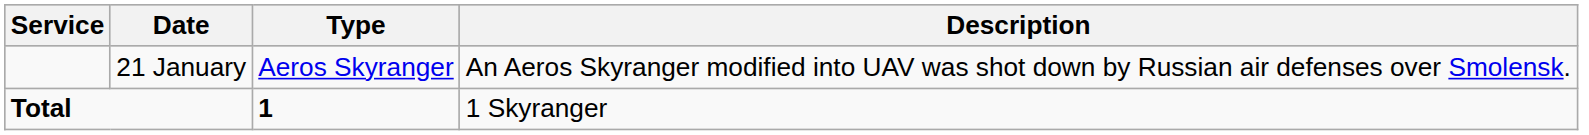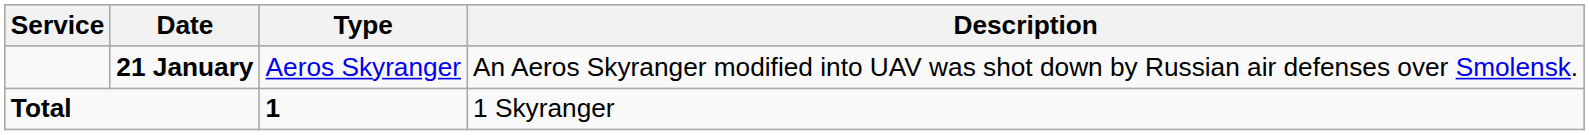 <table class="wikitable">
 <tr>
 <th>Service</th>
 <th>Date</th>
 <th>Type</th>
 <th>Description</th>
 </tr>
 <tr>
 <td></td>
-<td>21 January</td>
+<td><strong>21 January</strong></td>
 <td><a href='#'>Aeros Skyranger</a></td>
 <td>An Aeros Skyranger modified into UAV was shot down by Russian air defenses over <a href='#'>Smolensk</a>.</td>
 </tr>
 <tr>
 <td colspan="2"><strong>Total</strong></td>
 <td><strong>1</strong></td>
 <td>1 Skyranger</td>
 </tr>
 </table>
